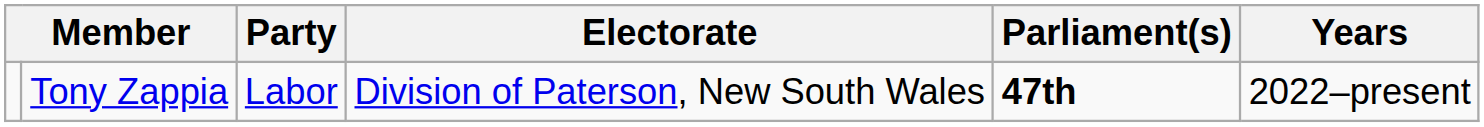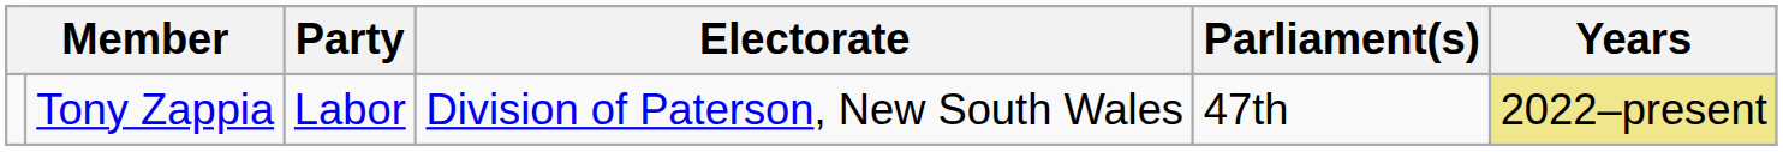 <table class="wikitable">
 <tr>
 <th colspan="2">Member</th>
 <th>Party</th>
 <th>Electorate</th>
 <th>Parliament(s)</th>
 <th>Years</th>
 </tr>
 <tr>
 <td></td>
 <td><a href='#'>Tony Zappia</a></td>
 <td><a href='#'>Labor</a></td>
 <td><a href='#'>Division of Paterson</a>, New South Wales</td>
-<td><strong>47th</strong></td>
-<td>2022–present</td>
+<td>47th</td>
+<td style="background: khaki;">2022–present</td>
 </tr>
 </table>
